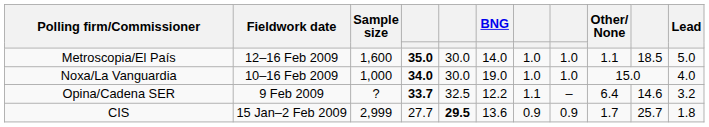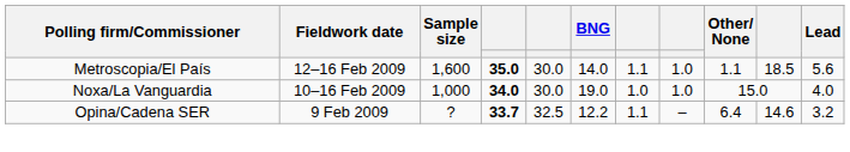 <table class="wikitable collapsible collapsed" style="text-align:center; font-size:90%; line-height:14px;">
 <tr style="height:42px;">
 <th style="width:250px;" rowspan="2">Polling firm/Commissioner</th>
 <th style="width:125px;" rowspan="2">Fieldwork date</th>
 <th style="width:50px;" rowspan="2">Sample size</th>
 <th style="width:35px;"></th>
 <th style="width:35px;"></th>
 <th style="width:35px;"><a href='#'>BNG</a></th>
 <th style="width:35px;"></th>
 <th style="width:35px;"></th>
 <th style="width:35px;" rowspan="2">Other/<br>None</th>
 <th style="width:35px;" rowspan="2"></th>
 <th style="width:30px;" rowspan="2">Lead</th>
 </tr>
 <tr>
 <th style="color:inherit;background:"></th>
 <th style="color:inherit;background:"></th>
 <th style="color:inherit;background:"></th>
 <th style="color:inherit;background:"></th>
 <th style="color:inherit;background:"></th>
 </tr>
 <tr>
 <td>Metroscopia/El País</td>
 <td>12–16 Feb 2009</td>
 <td>1,600</td>
 <td><strong>35.0</strong></td>
 <td>30.0</td>
 <td>14.0</td>
-<td>1.0</td>
+<td>1.1</td>
 <td>1.0</td>
 <td>1.1</td>
 <td>18.5</td>
-<td style="background:">5.0</td>
+<td style="background:">5.6</td>
 </tr>
 <tr>
 <td>Noxa/La Vanguardia</td>
 <td>10–16 Feb 2009</td>
 <td>1,000</td>
 <td><strong>34.0</strong></td>
 <td>30.0</td>
 <td>19.0</td>
 <td>1.0</td>
 <td>1.0</td>
 <td colspan="2">15.0</td>
 <td style="background:">4.0</td>
 </tr>
 <tr>
 <td>Opina/Cadena SER</td>
 <td>9 Feb 2009</td>
 <td>?</td>
 <td><strong>33.7</strong></td>
 <td>32.5</td>
 <td>12.2</td>
 <td>1.1</td>
 <td>–</td>
 <td>6.4</td>
 <td>14.6</td>
 <td style="background:">3.2</td>
 </tr>
-<tr>
-<td>CIS</td>
-<td>15 Jan–2 Feb 2009</td>
-<td>2,999</td>
-<td>27.7</td>
-<td><strong>29.5</strong></td>
-<td>13.6</td>
-<td>0.9</td>
-<td>0.9</td>
-<td>1.7</td>
-<td>25.7</td>
-<td style="background:">1.8</td>
-</tr>
 </table>
